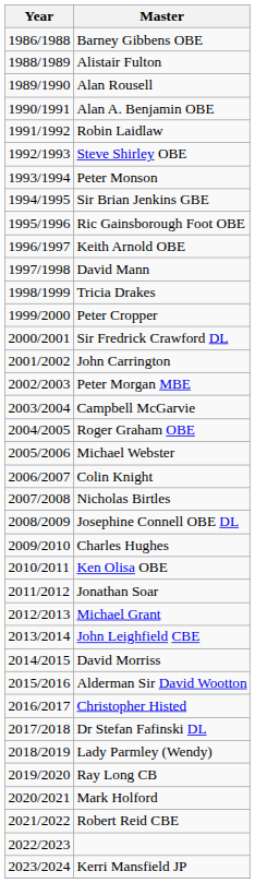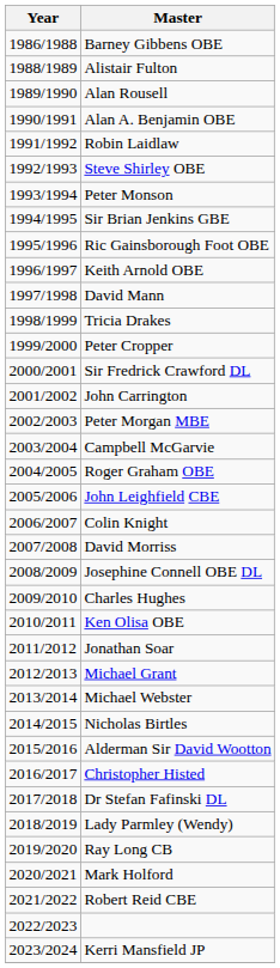 <table class="wikitable">
 <tr>
 <th>Year</th>
 <th>Master</th>
 </tr>
 <tr>
 <td>1986/1988</td>
 <td>Barney Gibbens OBE</td>
 </tr>
 <tr>
 <td>1988/1989</td>
 <td>Alistair Fulton</td>
 </tr>
 <tr>
 <td>1989/1990</td>
 <td>Alan Rousell</td>
 </tr>
 <tr>
 <td>1990/1991</td>
 <td>Alan A. Benjamin OBE</td>
 </tr>
 <tr>
 <td>1991/1992</td>
 <td>Robin Laidlaw</td>
 </tr>
 <tr>
 <td>1992/1993</td>
 <td><a href='#'>Steve Shirley</a> OBE</td>
 </tr>
 <tr>
 <td>1993/1994</td>
 <td>Peter Monson</td>
 </tr>
 <tr>
 <td>1994/1995</td>
 <td>Sir Brian Jenkins GBE</td>
 </tr>
 <tr>
 <td>1995/1996</td>
 <td>Ric Gainsborough Foot OBE</td>
 </tr>
 <tr>
 <td>1996/1997</td>
 <td>Keith Arnold OBE</td>
 </tr>
 <tr>
 <td>1997/1998</td>
 <td>David Mann</td>
 </tr>
 <tr>
 <td>1998/1999</td>
 <td>Tricia Drakes</td>
 </tr>
 <tr>
 <td>1999/2000</td>
 <td>Peter Cropper</td>
 </tr>
 <tr>
 <td>2000/2001</td>
 <td>Sir Fredrick Crawford <a href='#'>DL</a></td>
 </tr>
 <tr>
 <td>2001/2002</td>
 <td>John Carrington</td>
 </tr>
 <tr>
 <td>2002/2003</td>
 <td>Peter Morgan <a href='#'>MBE</a></td>
 </tr>
 <tr>
 <td>2003/2004</td>
 <td>Campbell McGarvie</td>
 </tr>
 <tr>
 <td>2004/2005</td>
 <td>Roger Graham <a href='#'>OBE</a></td>
 </tr>
 <tr>
 <td>2005/2006</td>
-<td>Michael Webster</td>
+<td><a href='#'>John Leighfield</a> <a href='#'>CBE</a></td>
 </tr>
 <tr>
 <td>2006/2007</td>
 <td>Colin Knight</td>
 </tr>
 <tr>
 <td>2007/2008</td>
-<td>Nicholas Birtles</td>
+<td>David Morriss</td>
 </tr>
 <tr>
 <td>2008/2009</td>
 <td>Josephine Connell OBE <a href='#'>DL</a></td>
 </tr>
 <tr>
 <td>2009/2010</td>
 <td>Charles Hughes</td>
 </tr>
 <tr>
 <td>2010/2011</td>
 <td><a href='#'>Ken Olisa</a> OBE</td>
 </tr>
 <tr>
 <td>2011/2012</td>
 <td>Jonathan Soar</td>
 </tr>
 <tr>
 <td>2012/2013</td>
 <td><a href='#'>Michael Grant</a></td>
 </tr>
 <tr>
 <td>2013/2014</td>
-<td><a href='#'>John Leighfield</a> <a href='#'>CBE</a></td>
+<td>Michael Webster</td>
 </tr>
 <tr>
 <td>2014/2015</td>
-<td>David Morriss</td>
+<td>Nicholas Birtles</td>
 </tr>
 <tr>
 <td>2015/2016</td>
 <td>Alderman Sir <a href='#'>David Wootton</a></td>
 </tr>
 <tr>
 <td>2016/2017</td>
 <td><a href='#'>Christopher Histed</a></td>
 </tr>
 <tr>
 <td>2017/2018</td>
 <td>Dr Stefan Fafinski <a href='#'>DL</a></td>
 </tr>
 <tr>
 <td>2018/2019</td>
 <td>Lady Parmley (Wendy)</td>
 </tr>
 <tr>
 <td>2019/2020</td>
 <td>Ray Long CB</td>
 </tr>
 <tr>
 <td>2020/2021</td>
 <td>Mark Holford</td>
 </tr>
 <tr>
 <td>2021/2022</td>
 <td>Robert Reid CBE</td>
 </tr>
 <tr>
 <td>2022/2023</td>
 <td></td>
 </tr>
 <tr>
 <td>2023/2024</td>
 <td>Kerri Mansfield JP</td>
 </tr>
 <tr>
 </tr>
 </table>
